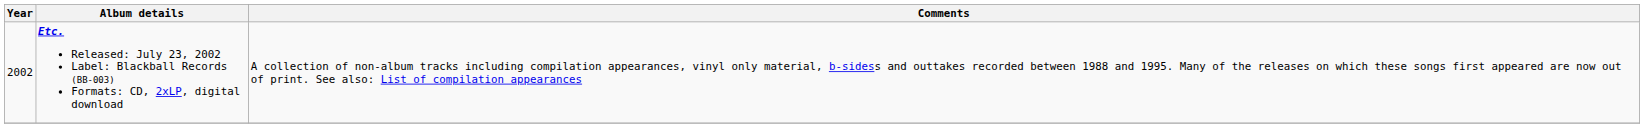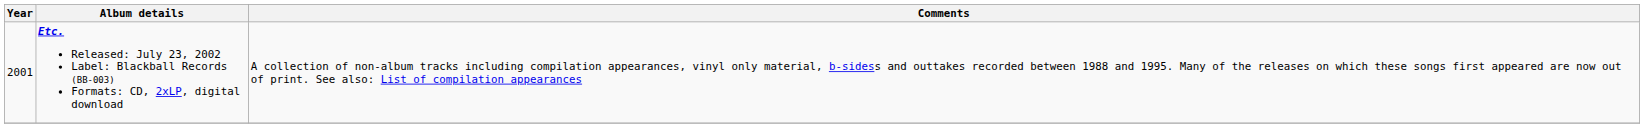 <table class="wikitable">
 <tr>
 <th>Year</th>
 <th width="250">Album details</th>
 <th>Comments</th>
 </tr>
 <tr>
-<td>2002</td>
+<td>2001</td>
 <td><strong><em><a href='#'>Etc.</a></em></strong><br><ul><li>Released: July 23, 2002</li><li>Label: Blackball Records <small>(BB-003)</small></li><li>Formats: CD, <a href='#'>2xLP</a>, digital download</li></ul></td>
 <td>A collection of non-album tracks including compilation appearances, vinyl only material, <a href='#'>b-sides</a>s and outtakes recorded between 1988 and 1995. Many of the releases on which these songs first appeared are now out of print. See also: <a href='#'>List of compilation appearances</a></td>
 </tr>
 <tr>
 </tr>
 </table>
